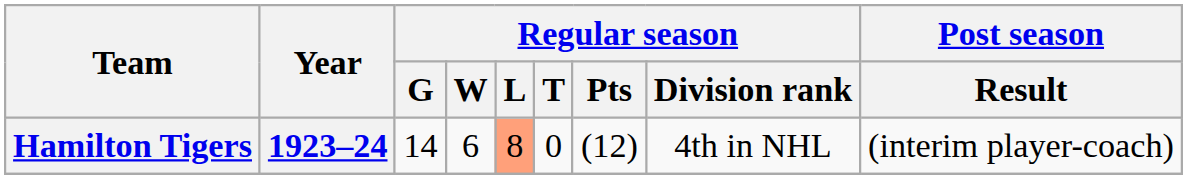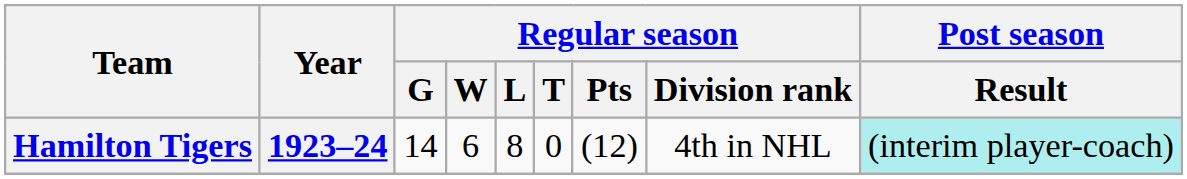 <table class="wikitable" style="font-size: 95%; text-align:center;">
 <tr>
 <th rowspan="2">Team</th>
 <th rowspan="2">Year</th>
 <th colspan="6"><a href='#'>Regular season</a></th>
 <th colspan="1"><a href='#'>Post season</a></th>
 </tr>
 <tr>
 <th>G</th>
 <th>W</th>
 <th>L</th>
 <th>T</th>
 <th>Pts</th>
 <th>Division rank</th>
 <th>Result</th>
 </tr>
 <tr>
 <th><a href='#'>Hamilton Tigers</a></th>
 <th><a href='#'>1923–24</a></th>
 <td>14</td>
 <td>6</td>
-<td style="background: lightsalmon;">8</td>
+<td>8</td>
 <td>0</td>
 <td>(12)</td>
 <td>4th in NHL</td>
-<td>(interim player-coach)</td>
+<td style="background: paleturquoise;">(interim player-coach)</td>
 </tr>
 <tr>
 </tr>
 </table>
